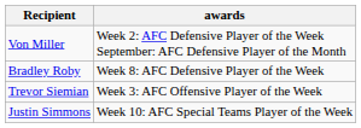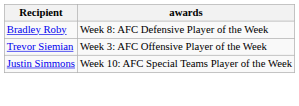 <table class="wikitable">
 <tr>
 <th>Recipient</th>
 <th>awards</th>
-</tr>
-<tr>
-<td><a href='#'>Von Miller</a></td>
-<td>Week 2: <a href='#'>AFC</a> Defensive Player of the Week<br>September: AFC Defensive Player of the Month</td>
 </tr>
 <tr>
 <td><a href='#'>Bradley Roby</a></td>
 <td>Week 8: AFC Defensive Player of the Week</td>
 </tr>
 <tr>
 <td><a href='#'>Trevor Siemian</a></td>
 <td>Week 3: AFC Offensive Player of the Week</td>
 </tr>
 <tr>
 <td><a href='#'>Justin Simmons</a></td>
 <td>Week 10: AFC Special Teams Player of the Week</td>
 </tr>
 </table>
